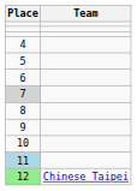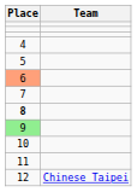 <table class="wikitable" style="text-align: center;">
 <tr>
 <th>Place</th>
 <th>Team</th>
 </tr>
 <tr>
 <td></td>
 <td style="text-align:left;"></td>
 </tr>
 <tr>
 <td></td>
 <td style="text-align:left;"></td>
 </tr>
 <tr>
 <td></td>
 <td style="text-align:left;"></td>
 </tr>
 <tr>
 <td>4</td>
 <td style="text-align:left;"></td>
 </tr>
 <tr>
 <td>5</td>
 <td style="text-align:left;"></td>
 </tr>
 <tr>
-<td>6</td>
+<td style="background: lightsalmon;">6</td>
 <td style="text-align:left;"></td>
 </tr>
 <tr>
-<td style="background: lightgrey;">7</td>
+<td>7</td>
 <td style="text-align:left;"></td>
 </tr>
 <tr>
-<td>8</td>
+<td><strong>8</strong></td>
 <td style="text-align:left;"></td>
 </tr>
 <tr>
-<td>9</td>
+<td style="background: lightgreen;">9</td>
 <td style="text-align:left;"></td>
 </tr>
 <tr>
 <td>10</td>
 <td style="text-align:left;"></td>
 </tr>
 <tr>
-<td style="background: lightblue;">11</td>
+<td>11</td>
 <td style="text-align:left;"></td>
 </tr>
 <tr>
-<td style="background: lightgreen;">12</td>
+<td>12</td>
 <td style="text-align:left;"> <a href='#'>Chinese Taipei</a></td>
 </tr>
 </table>
